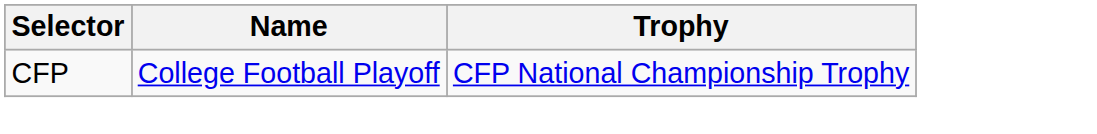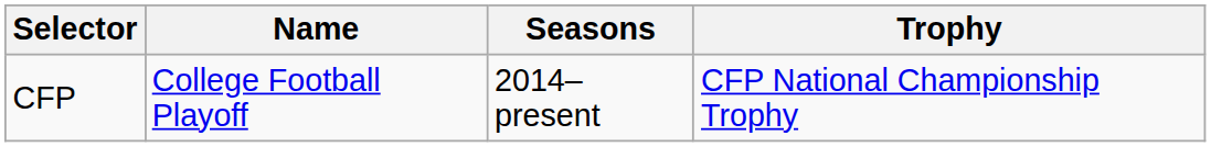 <table class="wikitable">
 <tr>
 <th width=px>Selector</th>
 <th width=px>Name</th>
+<th width=px>Seasons</th>
 <th width=px>Trophy</th>
 </tr>
 <tr>
 <td>CFP</td>
 <td><a href='#'>College Football Playoff</a></td>
+<td>2014–present</td>
 <td><a href='#'>CFP National Championship Trophy</a></td>
 </tr>
 </table>
